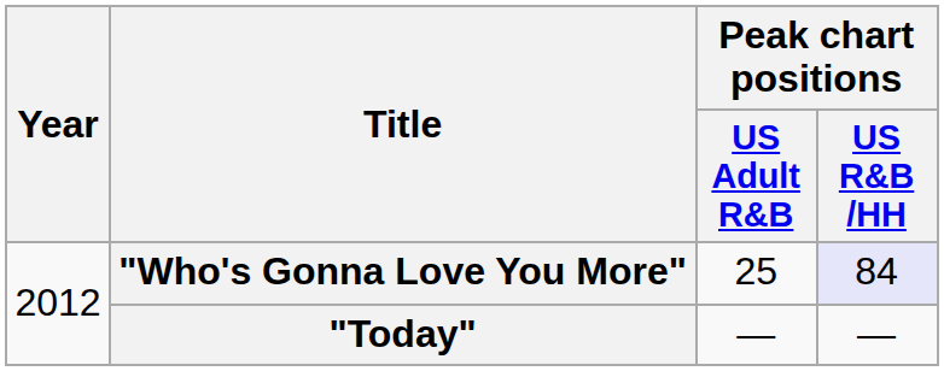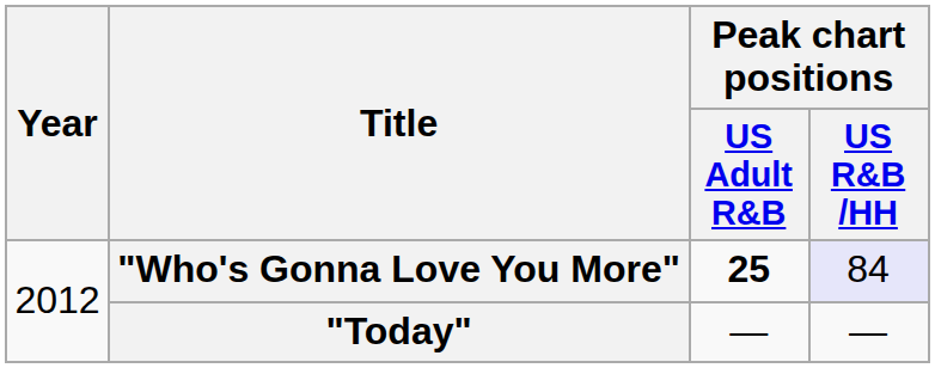 <table class="wikitable plainrowheaders" style="text-align:center;">
 <tr>
 <th scope="col" rowspan="2">Year</th>
 <th scope="col" rowspan="2">Title</th>
 <th scope="col" colspan="4">Peak chart positions</th>
 </tr>
 <tr>
 <th scope="col" style="width:3em;font-size:90%;"><a href='#'>US<br>Adult<br>R&B</a><br></th>
 <th scope="col" style="width:3em;font-size:90%;"><a href='#'>US R&B<br>/HH</a><br></th>
 </tr>
 <tr>
 <td rowspan="2">2012</td>
 <th scope="row">"Who's Gonna Love You More"</th>
-<td>25</td>
+<td><strong>25</strong></td>
 <td style="background: lavender;">84</td>
 </tr>
 <tr>
 <th scope="row">"Today"</th>
 <td>—</td>
 <td>—</td>
 </tr>
 <tr>
 </tr>
 </table>
